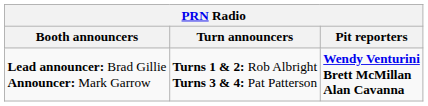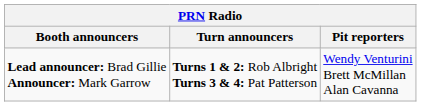 <table class="wikitable" style="font-size: 95%">
 <tr>
 <th colspan="3"><a href='#'>PRN</a> Radio</th>
 </tr>
 <tr>
 <th>Booth announcers</th>
 <th>Turn announcers</th>
 <th>Pit reporters</th>
 </tr>
 <tr>
 <td><strong>Lead announcer:</strong> Brad Gillie<br><strong>Announcer:</strong> Mark Garrow</td>
 <td><strong>Turns 1 & 2:</strong> Rob Albright<br><strong>Turns 3 & 4:</strong> Pat Patterson</td>
-<td><strong><a href='#'>Wendy Venturini</a><br>Brett McMillan<br>Alan Cavanna</strong></td>
+<td><a href='#'>Wendy Venturini</a><br>Brett McMillan<br>Alan Cavanna</td>
 </tr>
 </table>
